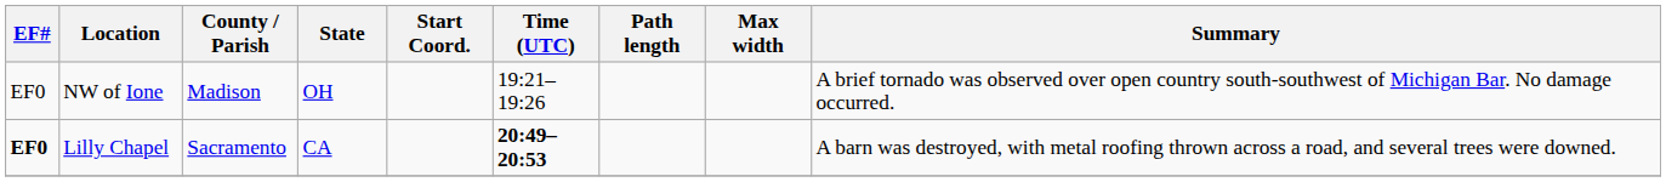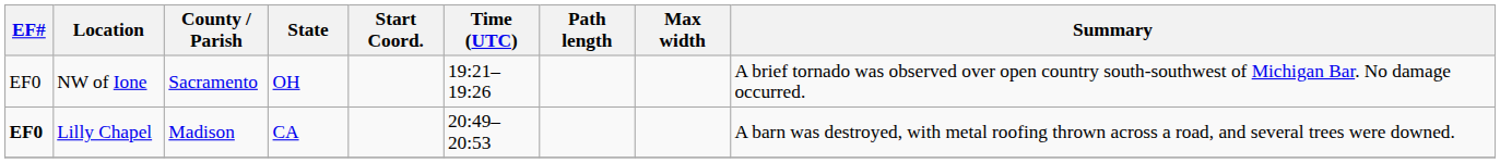 <table class="wikitable sortable" style="width:100%;">
 <tr>
 <th scope="col"  style="width:3%; text-align:center;"><a href='#'>EF#</a></th>
 <th scope="col"  style="width:7%; text-align:center;" class="unsortable">Location</th>
 <th scope="col"  style="width:6%; text-align:center;" class="unsortable">County / Parish</th>
 <th scope="col"  style="width:5%; text-align:center;">State</th>
 <th scope="col"  style="width:6%; text-align:center;">Start Coord.</th>
 <th scope="col"  style="width:6%; text-align:center;">Time (<a href='#'>UTC</a>)</th>
 <th scope="col"  style="width:6%; text-align:center;">Path length</th>
 <th scope="col"  style="width:6%; text-align:center;">Max width</th>
 <th scope="col" class="unsortable" style="width:48%; text-align:center;">Summary</th>
 </tr>
 <tr>
 <td>EF0</td>
 <td>NW of <a href='#'>Ione</a></td>
-<td><a href='#'>Madison</a></td>
+<td><a href='#'>Sacramento</a></td>
 <td><a href='#'>OH</a></td>
 <td></td>
 <td>19:21–19:26</td>
 <td></td>
 <td></td>
 <td>A brief tornado was observed over open country south-southwest of <a href='#'>Michigan Bar</a>. No damage occurred.</td>
 </tr>
 <tr>
 <td><strong>EF0</strong></td>
 <td><a href='#'>Lilly Chapel</a></td>
-<td><a href='#'>Sacramento</a></td>
+<td><a href='#'>Madison</a></td>
 <td><a href='#'>CA</a></td>
 <td></td>
-<td><strong>20:49–20:53</strong></td>
+<td>20:49–20:53</td>
 <td></td>
 <td></td>
 <td>A barn was destroyed, with metal roofing thrown across a road, and several trees were downed.</td>
 </tr>
 <tr>
 </tr>
 </table>
